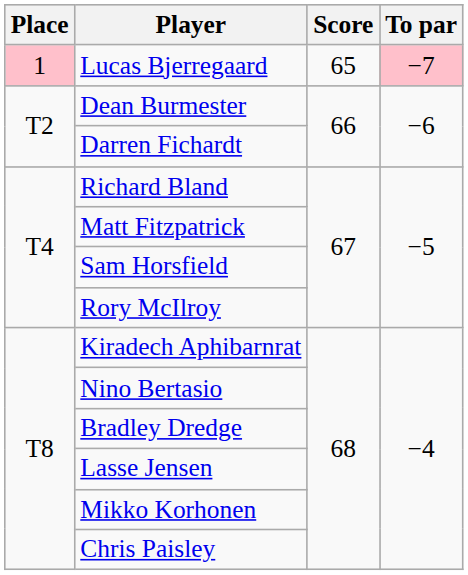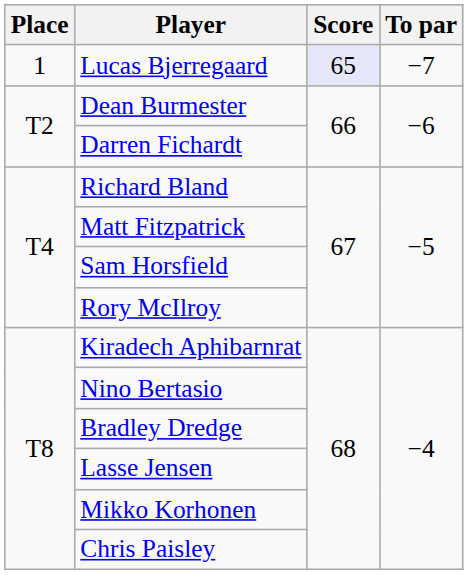 <table class="wikitable">
 <tr>
 <th>Place</th>
 <th>Player</th>
 <th>Score</th>
 <th>To par</th>
 </tr>
 <tr>
-<td align=center style="background: pink;">1</td>
+<td align=center>1</td>
 <td> <a href='#'>Lucas Bjerregaard</a></td>
-<td align=center>65</td>
-<td align=center style="background: pink;">−7</td>
+<td align=center style="background: lavender;">65</td>
+<td align=center>−7</td>
 </tr>
 <tr>
 <td align=center rowspan=2>T2</td>
 <td> <a href='#'>Dean Burmester</a></td>
 <td align=center rowspan=2>66</td>
 <td align=center rowspan=2>−6</td>
 </tr>
 <tr>
 <td> <a href='#'>Darren Fichardt</a></td>
 </tr>
 <tr>
 <td align=center rowspan=4>T4</td>
 <td> <a href='#'>Richard Bland</a></td>
 <td align=center rowspan=4>67</td>
 <td align=center rowspan=4>−5</td>
 </tr>
 <tr>
 <td> <a href='#'>Matt Fitzpatrick</a></td>
 </tr>
 <tr>
 <td> <a href='#'>Sam Horsfield</a></td>
 </tr>
 <tr>
 <td> <a href='#'>Rory McIlroy</a></td>
 </tr>
 <tr>
 <td align=center rowspan=6>T8</td>
 <td> <a href='#'>Kiradech Aphibarnrat</a></td>
 <td align=center rowspan=6>68</td>
 <td align=center rowspan=6>−4</td>
 </tr>
 <tr>
 <td> <a href='#'>Nino Bertasio</a></td>
 </tr>
 <tr>
 <td> <a href='#'>Bradley Dredge</a></td>
 </tr>
 <tr>
 <td> <a href='#'>Lasse Jensen</a></td>
 </tr>
 <tr>
 <td> <a href='#'>Mikko Korhonen</a></td>
 </tr>
 <tr>
 <td> <a href='#'>Chris Paisley</a></td>
 </tr>
 </table>
